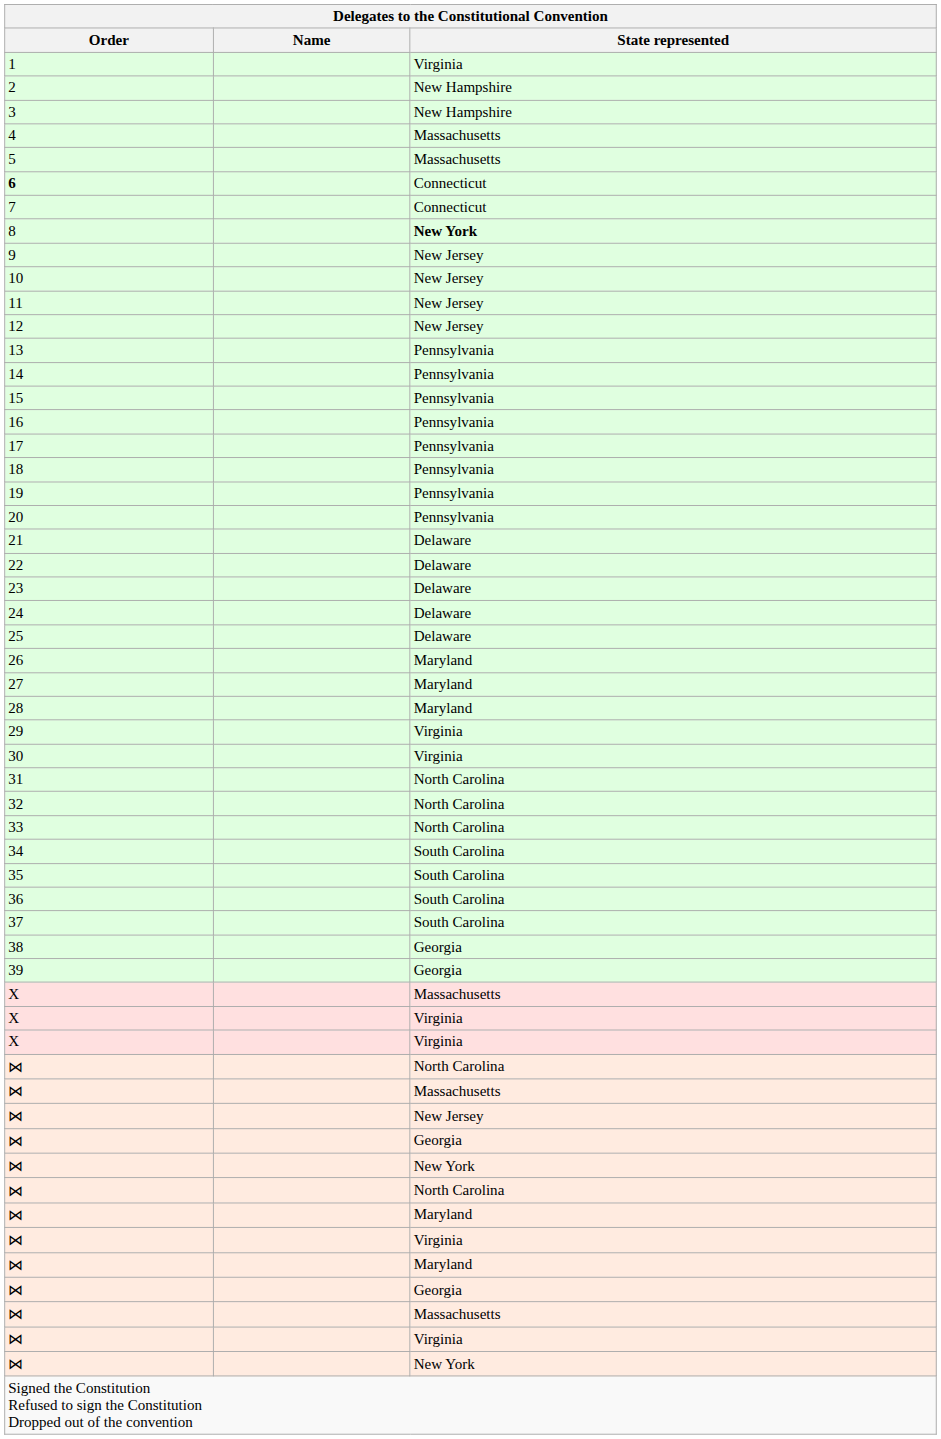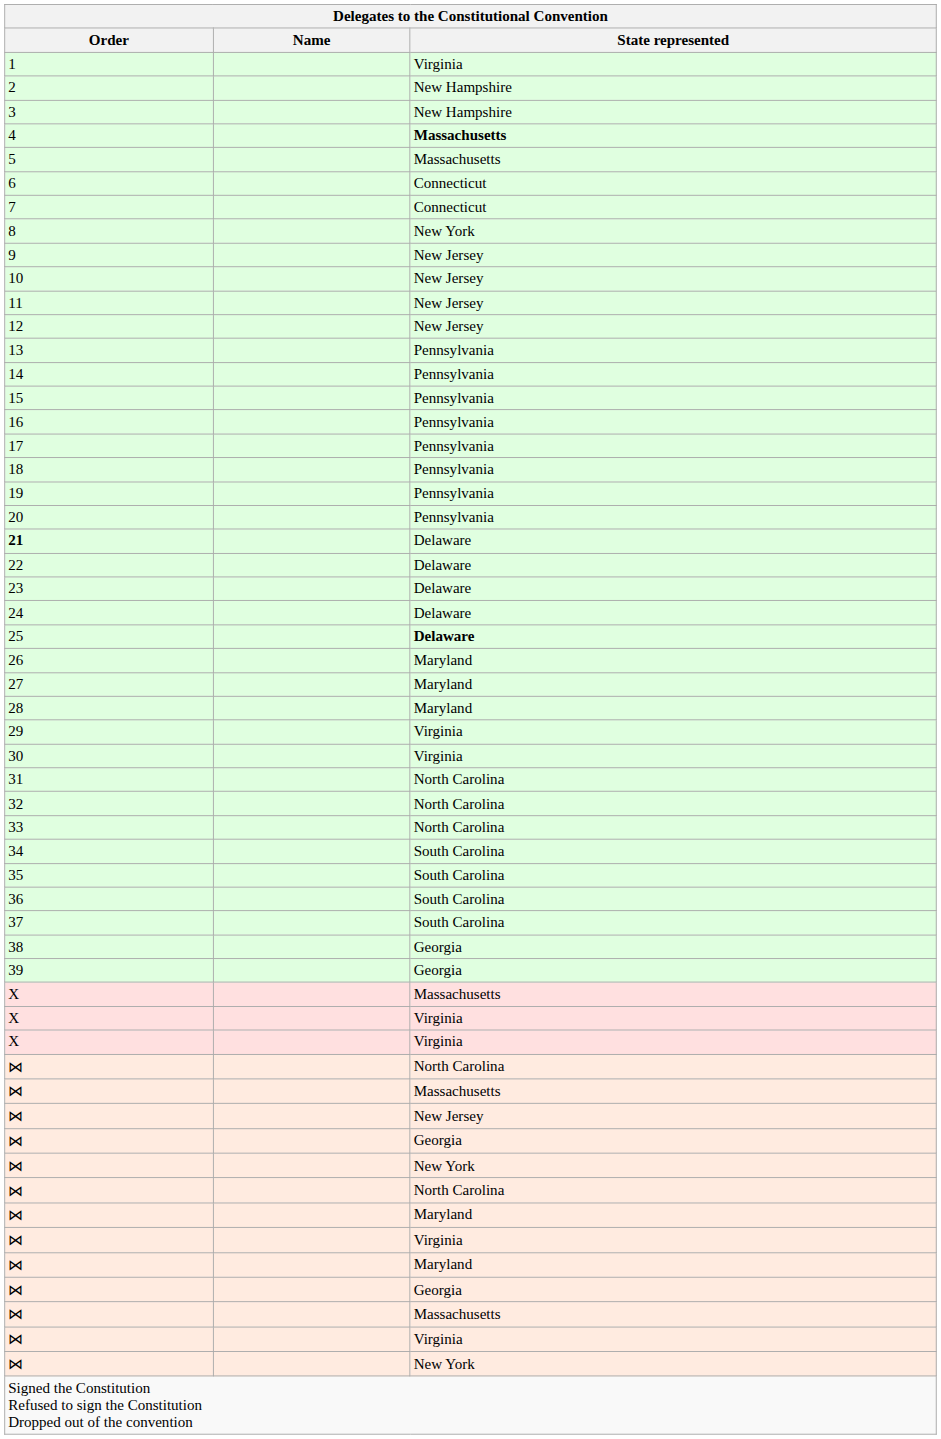 <table class="wikitable plainrowheaders sortable collapsible collapsed" style="min-width:50%; margin:auto">
 <tr>
 <th colspan=3>Delegates to the Constitutional Convention</th>
 </tr>
 <tr>
 <th scope="col">Order</th>
 <th scope="col">Name</th>
 <th scope="col">State represented</th>
 </tr>
 <tr>
 <td bgcolor="#e0ffe0">1</td>
 <td bgcolor="#e0ffe0"></td>
 <td bgcolor="#e0ffe0">Virginia</td>
 </tr>
 <tr>
 <td bgcolor="#e0ffe0">2</td>
 <td bgcolor="#e0ffe0"></td>
 <td bgcolor="#e0ffe0">New Hampshire</td>
 </tr>
 <tr>
 <td bgcolor="#e0ffe0">3</td>
 <td bgcolor="#e0ffe0"></td>
 <td bgcolor="#e0ffe0">New Hampshire</td>
 </tr>
 <tr>
 <td bgcolor="#e0ffe0">4</td>
 <td bgcolor="#e0ffe0"></td>
-<td bgcolor="#e0ffe0">Massachusetts</td>
+<td bgcolor="#e0ffe0"><strong>Massachusetts</strong></td>
 </tr>
 <tr>
 <td bgcolor="#e0ffe0">5</td>
 <td bgcolor="#e0ffe0"></td>
 <td bgcolor="#e0ffe0">Massachusetts</td>
 </tr>
 <tr>
-<td bgcolor="#e0ffe0"><strong>6</strong></td>
+<td bgcolor="#e0ffe0">6</td>
 <td bgcolor="#e0ffe0"></td>
 <td bgcolor="#e0ffe0">Connecticut</td>
 </tr>
 <tr>
 <td bgcolor="#e0ffe0">7</td>
 <td bgcolor="#e0ffe0"></td>
 <td bgcolor="#e0ffe0">Connecticut</td>
 </tr>
 <tr>
 <td bgcolor="#e0ffe0">8</td>
 <td bgcolor="#e0ffe0"></td>
-<td bgcolor="#e0ffe0"><strong>New York</strong></td>
+<td bgcolor="#e0ffe0">New York</td>
 </tr>
 <tr>
 <td bgcolor="#e0ffe0">9</td>
 <td bgcolor="#e0ffe0"></td>
 <td bgcolor="#e0ffe0">New Jersey</td>
 </tr>
 <tr>
 <td bgcolor="#e0ffe0">10</td>
 <td bgcolor="#e0ffe0"></td>
 <td bgcolor="#e0ffe0">New Jersey</td>
 </tr>
 <tr>
 <td bgcolor="#e0ffe0">11</td>
 <td bgcolor="#e0ffe0"></td>
 <td bgcolor="#e0ffe0">New Jersey</td>
 </tr>
 <tr>
 <td bgcolor="#e0ffe0">12</td>
 <td bgcolor="#e0ffe0"></td>
 <td bgcolor="#e0ffe0">New Jersey</td>
 </tr>
 <tr>
 <td bgcolor="#e0ffe0">13</td>
 <td bgcolor="#e0ffe0"></td>
 <td bgcolor="#e0ffe0">Pennsylvania</td>
 </tr>
 <tr>
 <td bgcolor="#e0ffe0">14</td>
 <td bgcolor="#e0ffe0"></td>
 <td bgcolor="#e0ffe0">Pennsylvania</td>
 </tr>
 <tr>
 <td bgcolor="#e0ffe0">15</td>
 <td bgcolor="#e0ffe0"></td>
 <td bgcolor="#e0ffe0">Pennsylvania</td>
 </tr>
 <tr>
 <td bgcolor="#e0ffe0">16</td>
 <td bgcolor="#e0ffe0"></td>
 <td bgcolor="#e0ffe0">Pennsylvania</td>
 </tr>
 <tr>
 <td bgcolor="#e0ffe0">17</td>
 <td bgcolor="#e0ffe0"></td>
 <td bgcolor="#e0ffe0">Pennsylvania</td>
 </tr>
 <tr>
 <td bgcolor="#e0ffe0">18</td>
 <td bgcolor="#e0ffe0"></td>
 <td bgcolor="#e0ffe0">Pennsylvania</td>
 </tr>
 <tr>
 <td bgcolor="#e0ffe0">19</td>
 <td bgcolor="#e0ffe0"></td>
 <td bgcolor="#e0ffe0">Pennsylvania</td>
 </tr>
 <tr>
 <td bgcolor="#e0ffe0">20</td>
 <td bgcolor="#e0ffe0"></td>
 <td bgcolor="#e0ffe0">Pennsylvania</td>
 </tr>
 <tr>
-<td bgcolor="#e0ffe0">21</td>
+<td bgcolor="#e0ffe0"><strong>21</strong></td>
 <td bgcolor="#e0ffe0"></td>
 <td bgcolor="#e0ffe0">Delaware</td>
 </tr>
 <tr>
 <td bgcolor="#e0ffe0">22</td>
 <td bgcolor="#e0ffe0"></td>
 <td bgcolor="#e0ffe0">Delaware</td>
 </tr>
 <tr>
 <td bgcolor="#e0ffe0">23</td>
 <td bgcolor="#e0ffe0"></td>
 <td bgcolor="#e0ffe0">Delaware</td>
 </tr>
 <tr>
 <td bgcolor="#e0ffe0">24</td>
 <td bgcolor="#e0ffe0"></td>
 <td bgcolor="#e0ffe0">Delaware</td>
 </tr>
 <tr>
 <td bgcolor="#e0ffe0">25</td>
 <td bgcolor="#e0ffe0"></td>
-<td bgcolor="#e0ffe0">Delaware</td>
+<td bgcolor="#e0ffe0"><strong>Delaware</strong></td>
 </tr>
 <tr>
 <td bgcolor="#e0ffe0">26</td>
 <td bgcolor="#e0ffe0"></td>
 <td bgcolor="#e0ffe0">Maryland</td>
 </tr>
 <tr>
 <td bgcolor="#e0ffe0">27</td>
 <td bgcolor="#e0ffe0"></td>
 <td bgcolor="#e0ffe0">Maryland</td>
 </tr>
 <tr>
 <td bgcolor="#e0ffe0">28</td>
 <td bgcolor="#e0ffe0"></td>
 <td bgcolor="#e0ffe0">Maryland</td>
 </tr>
 <tr>
 <td bgcolor="#e0ffe0">29</td>
 <td bgcolor="#e0ffe0"></td>
 <td bgcolor="#e0ffe0">Virginia</td>
 </tr>
 <tr>
 <td bgcolor="#e0ffe0">30</td>
 <td bgcolor="#e0ffe0"></td>
 <td bgcolor="#e0ffe0">Virginia</td>
 </tr>
 <tr>
 <td bgcolor="#e0ffe0">31</td>
 <td bgcolor="#e0ffe0"></td>
 <td bgcolor="#e0ffe0">North Carolina</td>
 </tr>
 <tr>
 <td bgcolor="#e0ffe0">32</td>
 <td bgcolor="#e0ffe0"></td>
 <td bgcolor="#e0ffe0">North Carolina</td>
 </tr>
 <tr>
 <td bgcolor="#e0ffe0">33</td>
 <td bgcolor="#e0ffe0"></td>
 <td bgcolor="#e0ffe0">North Carolina</td>
 </tr>
 <tr>
 <td bgcolor="#e0ffe0">34</td>
 <td bgcolor="#e0ffe0"></td>
 <td bgcolor="#e0ffe0">South Carolina</td>
 </tr>
 <tr>
 <td bgcolor="#e0ffe0">35</td>
 <td bgcolor="#e0ffe0"></td>
 <td bgcolor="#e0ffe0">South Carolina</td>
 </tr>
 <tr>
 <td bgcolor="#e0ffe0">36</td>
 <td bgcolor="#e0ffe0"></td>
 <td bgcolor="#e0ffe0">South Carolina</td>
 </tr>
 <tr>
 <td bgcolor="#e0ffe0">37</td>
 <td bgcolor="#e0ffe0"></td>
 <td bgcolor="#e0ffe0">South Carolina</td>
 </tr>
 <tr>
 <td bgcolor="#e0ffe0">38</td>
 <td bgcolor="#e0ffe0"></td>
 <td bgcolor="#e0ffe0">Georgia</td>
 </tr>
 <tr>
 <td bgcolor="#e0ffe0">39</td>
 <td bgcolor="#e0ffe0"></td>
 <td bgcolor="#e0ffe0">Georgia</td>
 </tr>
 <tr>
 <td bgcolor="#ffe0e0">Χ</td>
 <td bgcolor="#ffe0e0"></td>
 <td bgcolor="#ffe0e0">Massachusetts</td>
 </tr>
 <tr>
 <td bgcolor="#ffe0e0">Χ</td>
 <td bgcolor="#ffe0e0"></td>
 <td bgcolor="#ffe0e0">Virginia</td>
 </tr>
 <tr>
 <td bgcolor="#ffe0e0">Χ</td>
 <td bgcolor="#ffe0e0"></td>
 <td bgcolor="#ffe0e0">Virginia</td>
 </tr>
 <tr>
 <td bgcolor="#ffebe0">⋈</td>
 <td bgcolor="#ffebe0"></td>
 <td bgcolor="#ffebe0">North Carolina</td>
 </tr>
 <tr>
 <td bgcolor="#ffebe0">⋈</td>
 <td bgcolor="#ffebe0"></td>
 <td bgcolor="#ffebe0">Massachusetts</td>
 </tr>
 <tr>
 <td bgcolor="#ffebe0">⋈</td>
 <td bgcolor="#ffebe0"></td>
 <td bgcolor="#ffebe0">New Jersey</td>
 </tr>
 <tr>
 <td bgcolor="#ffebe0">⋈</td>
 <td bgcolor="#ffebe0"></td>
 <td bgcolor="#ffebe0">Georgia</td>
 </tr>
 <tr>
 <td bgcolor="#ffebe0">⋈</td>
 <td bgcolor="#ffebe0"></td>
 <td bgcolor="#ffebe0">New York</td>
 </tr>
 <tr>
 <td bgcolor="#ffebe0">⋈</td>
 <td bgcolor="#ffebe0"></td>
 <td bgcolor="#ffebe0">North Carolina</td>
 </tr>
 <tr>
 <td bgcolor="#ffebe0">⋈</td>
 <td bgcolor="#ffebe0"></td>
 <td bgcolor="#ffebe0">Maryland</td>
 </tr>
 <tr>
 <td bgcolor="#ffebe0">⋈</td>
 <td bgcolor="#ffebe0"></td>
 <td bgcolor="#ffebe0">Virginia</td>
 </tr>
 <tr>
 <td bgcolor="#ffebe0">⋈</td>
 <td bgcolor="#ffebe0"></td>
 <td bgcolor="#ffebe0">Maryland</td>
 </tr>
 <tr>
 <td bgcolor="#ffebe0">⋈</td>
 <td bgcolor="#ffebe0"></td>
 <td bgcolor="#ffebe0">Georgia</td>
 </tr>
 <tr>
 <td bgcolor="#ffebe0">⋈</td>
 <td bgcolor="#ffebe0"></td>
 <td bgcolor="#ffebe0">Massachusetts</td>
 </tr>
 <tr>
 <td bgcolor="#ffebe0">⋈</td>
 <td bgcolor="#ffebe0"></td>
 <td bgcolor="#ffebe0">Virginia</td>
 </tr>
 <tr>
 <td bgcolor="#ffebe0">⋈</td>
 <td bgcolor="#ffebe0"></td>
 <td bgcolor="#ffebe0">New York</td>
 </tr>
 <tr class="sortbottom">
 <td colspan="3"> Signed the Constitution<br> Refused to sign the Constitution<br> Dropped out of the convention</td>
 </tr>
 </table>
